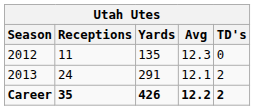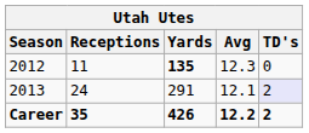 <table class="wikitable">
 <tr>
 <th colspan="15">Utah Utes</th>
 </tr>
 <tr>
 <th>Season</th>
 <th>Receptions</th>
 <th>Yards</th>
 <th>Avg</th>
 <th>TD's</th>
 </tr>
 <tr>
 <td>2012</td>
 <td>11</td>
-<td>135</td>
+<td><strong>135</strong></td>
 <td>12.3</td>
 <td>0</td>
 </tr>
 <tr>
 <td>2013</td>
 <td>24</td>
 <td>291</td>
 <td>12.1</td>
-<td>2</td>
+<td style="background: lavender;">2</td>
 </tr>
 <tr>
 <td><strong>Career</strong></td>
 <td><strong>35</strong></td>
 <td><strong>426</strong></td>
 <td><strong>12.2</strong></td>
 <td><strong>2</strong></td>
 </tr>
 </table>
